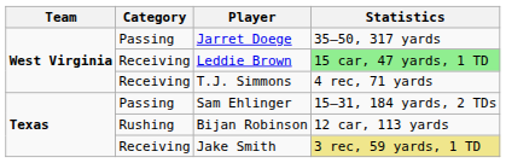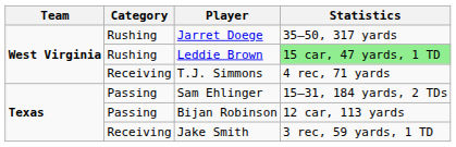 <table class="wikitable" style="float: right;">
 <tr>
 <th>Team</th>
 <th>Category</th>
 <th>Player</th>
 <th>Statistics</th>
 </tr>
 <tr>
 <td rowspan=3><strong>West Virginia</strong></td>
-<td>Passing</td>
+<td>Rushing</td>
 <td><a href='#'>Jarret Doege</a></td>
 <td>35–50, 317 yards</td>
 </tr>
 <tr>
-<td>Receiving</td>
+<td>Rushing</td>
 <td><a href='#'>Leddie Brown</a></td>
 <td style="background: lightgreen;">15 car, 47 yards, 1 TD</td>
 </tr>
 <tr>
 <td>Receiving</td>
 <td>T.J. Simmons</td>
 <td>4 rec, 71 yards</td>
 </tr>
 <tr>
 <td rowspan=3><strong>Texas</strong></td>
 <td>Passing</td>
 <td>Sam Ehlinger</td>
 <td>15–31, 184 yards, 2 TDs</td>
 </tr>
 <tr>
-<td>Rushing</td>
+<td>Passing</td>
 <td>Bijan Robinson</td>
 <td>12 car, 113 yards</td>
 </tr>
 <tr>
 <td>Receiving</td>
 <td>Jake Smith</td>
-<td style="background: khaki;">3 rec, 59 yards, 1 TD</td>
+<td>3 rec, 59 yards, 1 TD</td>
 </tr>
 </table>
